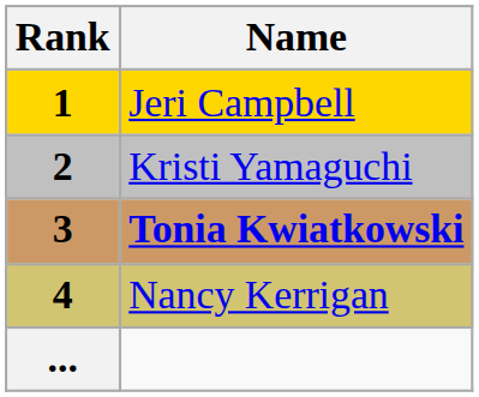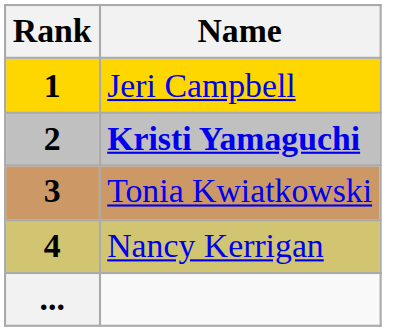 <table class="wikitable">
 <tr>
 <th>Rank</th>
 <th>Name</th>
 </tr>
 <tr bgcolor="gold">
 <td align="center"><strong>1</strong></td>
 <td><a href='#'>Jeri Campbell</a></td>
 </tr>
 <tr bgcolor="silver">
 <td align="center"><strong>2</strong></td>
-<td><a href='#'>Kristi Yamaguchi</a></td>
+<td><strong><a href='#'>Kristi Yamaguchi</a></strong></td>
 </tr>
 <tr bgcolor="cc9966">
 <td align="center"><strong>3</strong></td>
-<td><strong><a href='#'>Tonia Kwiatkowski</a></strong></td>
+<td><a href='#'>Tonia Kwiatkowski</a></td>
 </tr>
 <tr bgcolor="#d1c571">
 <td align="center"><strong>4</strong></td>
 <td><a href='#'>Nancy Kerrigan</a></td>
 </tr>
 <tr>
 <th>...</th>
 <td></td>
 </tr>
 </table>
